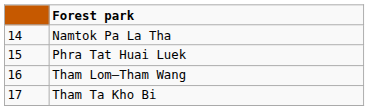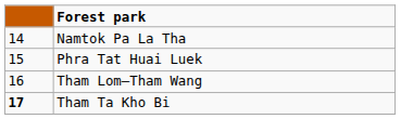 <table class= "wikitable" style= "width:30%; display:inline-table;">
 <tr>
 <td style="width:3%; background:#C65900;"> </td>
 <td style="width:27%;"><strong>Forest park</strong></td>
 </tr>
 <tr>
 <td>14</td>
 <td>Namtok Pa La Tha</td>
 </tr>
 <tr>
 <td>15</td>
 <td>Phra Tat Huai Luek</td>
 </tr>
 <tr>
 <td>16</td>
 <td>Tham Lom–Tham Wang</td>
 </tr>
 <tr>
-<td>17</td>
+<td><strong>17</strong></td>
 <td>Tham Ta Kho Bi</td>
 </tr>
 <tr>
 </tr>
 </table>
